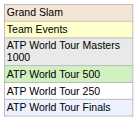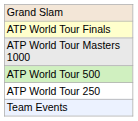 <table class=wikitable style=font-size:90%;width:14%>
 <tr bgcolor=#F3E6D7>
 <td>Grand Slam</td>
 </tr>
 <tr bgcolor=#ffffcc>
-<td>Team Events</td>
+<td>ATP World Tour Finals</td>
 </tr>
 <tr bgcolor=#E9E9E9>
 <td>ATP World Tour Masters 1000</td>
 </tr>
 <tr bgcolor=#d0f0c0>
 <td>ATP World Tour 500</td>
 </tr>
 <tr bgcolor=#ffffff>
 <td>ATP World Tour 250</td>
 </tr>
 <tr bgcolor=#ECF2FF>
-<td>ATP World Tour Finals</td>
+<td>Team Events</td>
 </tr>
 </table>
